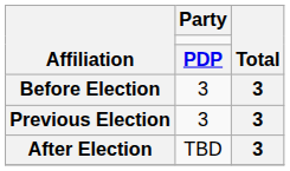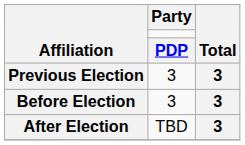 <table class=wikitable style="text-align:center">
 <tr style="vertical-align:bottom;">
 <th rowspan=3>Affiliation</th>
 <th colspan=1>Party</th>
 <th rowspan=3>Total</th>
 </tr>
 <tr>
 <td style="background-color:"></td>
 </tr>
 <tr>
 <th><a href='#'>PDP</a></th>
 </tr>
 <tr>
-<th>Before Election</th>
+<th>Previous Election</th>
 <td>3</td>
 <th>3</th>
 </tr>
 <tr>
-<th>Previous Election</th>
+<th>Before Election</th>
 <td>3</td>
 <th>3</th>
 </tr>
 <tr>
 <th>After Election</th>
 <td>TBD</td>
 <th>3</th>
 </tr>
 <tr>
 </tr>
 </table>
